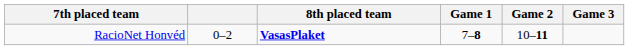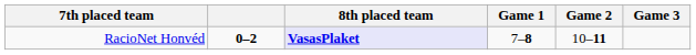 <table class=wikitable style="text-align:center">
 <tr>
 <th width=225>7th placed team</th>
 <th width=80></th>
 <th width=225>8th placed team</th>
 <th width=70>Game 1</th>
 <th width=70>Game 2</th>
 <th width=70>Game 3</th>
 </tr>
 <tr>
 <td align=right><a href='#'>RacioNet Honvéd</a> </td>
-<td>0–2</td>
-<td align=left> <strong><a href='#'>VasasPlaket</a></strong></td>
+<td><strong>0–2</strong></td>
+<td align=left style="background: lavender;"> <strong><a href='#'>VasasPlaket</a></strong></td>
 <td>7–<strong>8</strong></td>
 <td>10–<strong>11</strong></td>
 </tr>
 </table>
